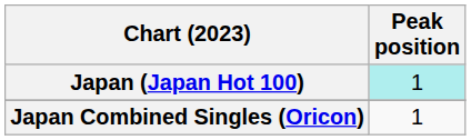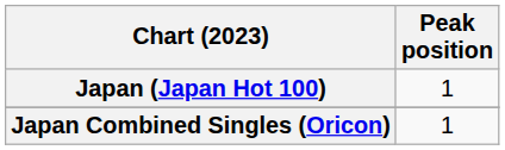 <table class="wikitable sortable plainrowheaders" style="text-align:center">
 <tr>
 <th scope="col">Chart (2023)</th>
 <th scope="col">Peak<br>position</th>
 </tr>
 <tr>
 <th scope="row">Japan (<a href='#'>Japan Hot 100</a>)</th>
-<td style="background: paleturquoise;">1</td>
+<td>1</td>
 </tr>
 <tr>
 </tr>
 <tr>
 <th scope="row">Japan Combined Singles (<a href='#'>Oricon</a>)</th>
 <td>1</td>
 </tr>
 </table>
